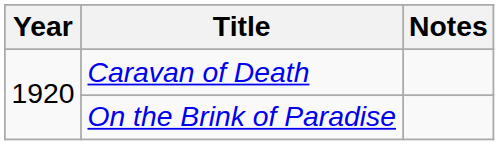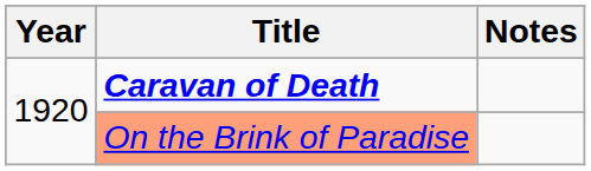 <table class="wikitable sortable">
 <tr>
 <th>Year</th>
 <th>Title</th>
 <th class="unsortable">Notes</th>
 </tr>
 <tr>
 <td rowspan=2>1920</td>
-<td><em><a href='#'>Caravan of Death</a></em></td>
+<td><strong><em><a href='#'>Caravan of Death</a></em></strong></td>
 <td></td>
 </tr>
 <tr>
-<td><em><a href='#'>On the Brink of Paradise</a></em></td>
+<td style="background: lightsalmon;"><em><a href='#'>On the Brink of Paradise</a></em></td>
 <td></td>
 </tr>
 </table>
